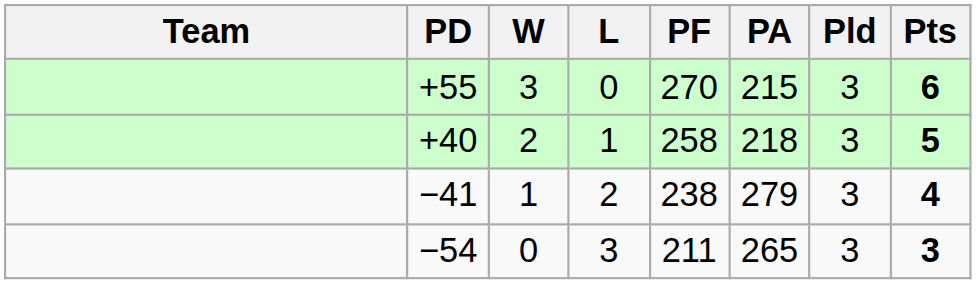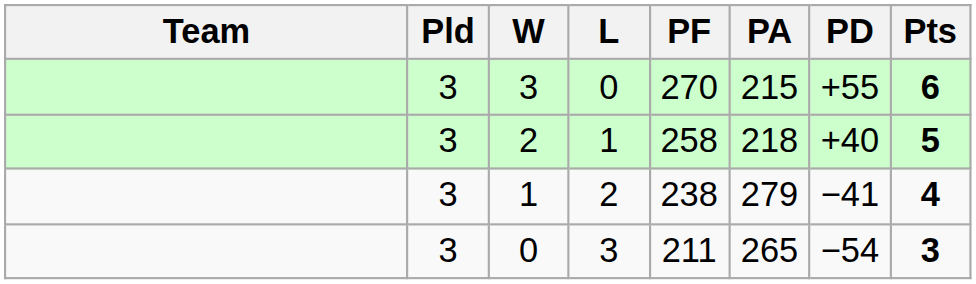 <table class=wikitable style="text-align:center">
 <tr>
 <th width=180>Team</th>
-<th width=30>PD</th>
+<th width=30>Pld</th>
 <th width=30>W</th>
 <th width=30>L</th>
 <th width=30>PF</th>
 <th width=30>PA</th>
-<th width=30>Pld</th>
+<th width=30>PD</th>
 <th width=30>Pts</th>
 </tr>
 <tr align=center bgcolor="#ccffcc">
 <td align=left></td>
-<td>+55</td>
+<td>3</td>
 <td>3</td>
 <td>0</td>
 <td>270</td>
 <td>215</td>
-<td>3</td>
+<td>+55</td>
 <td><strong>6</strong></td>
 </tr>
 <tr align=center bgcolor="#ccffcc">
 <td align=left></td>
-<td>+40</td>
+<td>3</td>
 <td>2</td>
 <td>1</td>
 <td>258</td>
 <td>218</td>
-<td>3</td>
+<td>+40</td>
 <td><strong>5</strong></td>
 </tr>
 <tr align=center>
 <td align=left></td>
-<td>−41</td>
+<td>3</td>
 <td>1</td>
 <td>2</td>
 <td>238</td>
 <td>279</td>
-<td>3</td>
+<td>−41</td>
 <td><strong>4</strong></td>
 </tr>
 <tr align=center>
 <td align=left></td>
-<td>−54</td>
+<td>3</td>
 <td>0</td>
 <td>3</td>
 <td>211</td>
 <td>265</td>
-<td>3</td>
+<td>−54</td>
 <td><strong>3</strong></td>
 </tr>
 </table>
